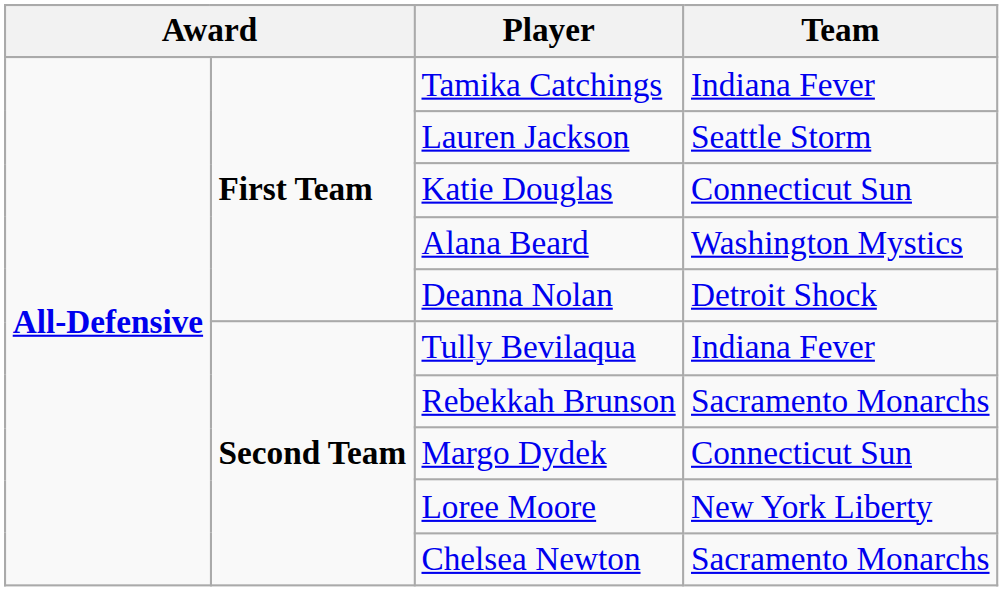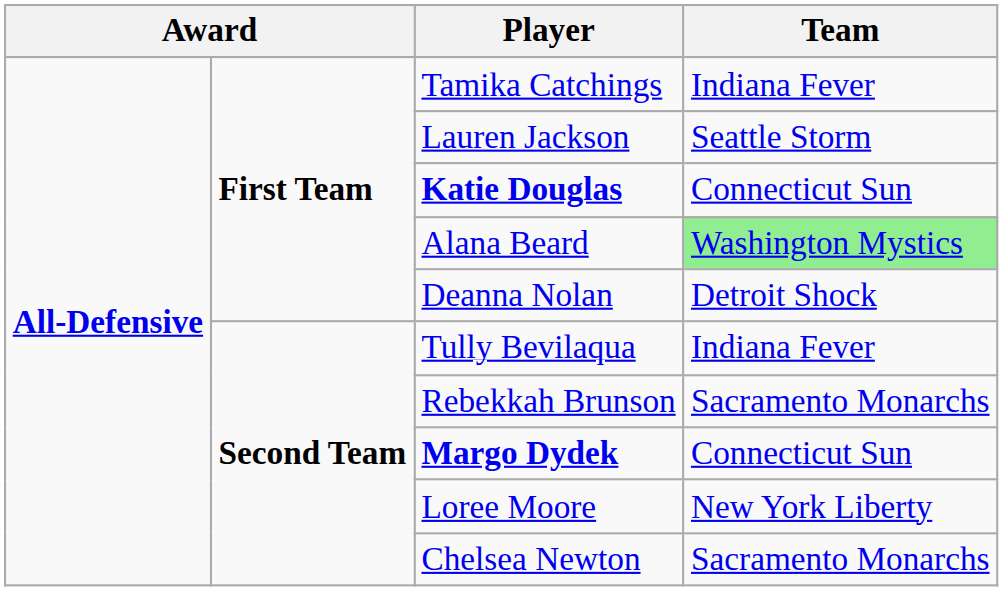 <table class="wikitable">
 <tr>
 <th colspan="2">Award</th>
 <th>Player</th>
 <th>Team</th>
 </tr>
 <tr>
 <td rowspan=10><strong><a href='#'>All-Defensive</a></strong></td>
 <td rowspan=5><strong>First Team</strong></td>
 <td><a href='#'>Tamika Catchings</a></td>
 <td><a href='#'>Indiana Fever</a></td>
 </tr>
 <tr>
 <td><a href='#'>Lauren Jackson</a></td>
 <td><a href='#'>Seattle Storm</a></td>
 </tr>
 <tr>
-<td><a href='#'>Katie Douglas</a></td>
+<td><strong><a href='#'>Katie Douglas</a></strong></td>
 <td><a href='#'>Connecticut Sun</a></td>
 </tr>
 <tr>
 <td><a href='#'>Alana Beard</a></td>
-<td><a href='#'>Washington Mystics</a></td>
+<td style="background: lightgreen;"><a href='#'>Washington Mystics</a></td>
 </tr>
 <tr>
 <td><a href='#'>Deanna Nolan</a></td>
 <td><a href='#'>Detroit Shock</a></td>
 </tr>
 <tr>
 <td rowspan=5><strong>Second Team</strong></td>
 <td><a href='#'>Tully Bevilaqua</a></td>
 <td><a href='#'>Indiana Fever</a></td>
 </tr>
 <tr>
 <td><a href='#'>Rebekkah Brunson</a></td>
 <td><a href='#'>Sacramento Monarchs</a></td>
 </tr>
 <tr>
-<td><a href='#'>Margo Dydek</a></td>
+<td><strong><a href='#'>Margo Dydek</a></strong></td>
 <td><a href='#'>Connecticut Sun</a></td>
 </tr>
 <tr>
 <td><a href='#'>Loree Moore</a></td>
 <td><a href='#'>New York Liberty</a></td>
 </tr>
 <tr>
 <td><a href='#'>Chelsea Newton</a></td>
 <td><a href='#'>Sacramento Monarchs</a></td>
 </tr>
 </table>
